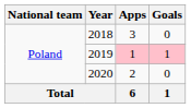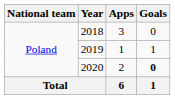 <table class="wikitable" style="text-align:center">
 <tr>
 <th>National team</th>
 <th>Year</th>
 <th>Apps</th>
 <th>Goals</th>
 </tr>
 <tr>
 <td rowspan="3"><a href='#'>Poland</a></td>
 <td>2018</td>
 <td>3</td>
 <td>0</td>
 </tr>
 <tr>
 <td>2019</td>
-<td style="background: pink;">1</td>
-<td style="background: pink;">1</td>
+<td>1</td>
+<td>1</td>
 </tr>
 <tr>
 <td>2020</td>
 <td>2</td>
-<td>0</td>
+<td><strong>0</strong></td>
 </tr>
 <tr>
 <th colspan="2">Total</th>
 <th>6</th>
 <th>1</th>
 </tr>
 </table>
